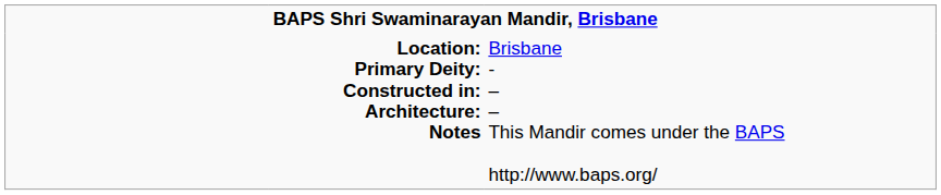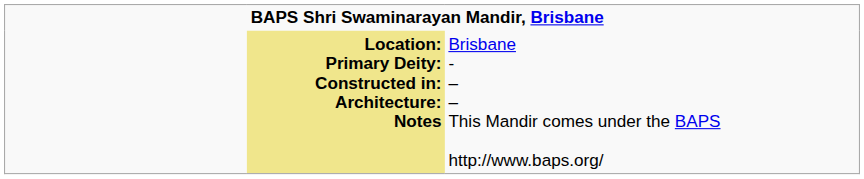 <table class="wikitable plain" border="0" width="800">
 <tr>
 <td width="220px" rowspan="2" style="border:none;"></td>
 <td valign="top" colspan=2 style="border:none;"><strong>BAPS Shri Swaminarayan Mandir, <a href='#'>Brisbane</a></strong></td>
 </tr>
 <tr>
-<td valign="top" style="text-align:right; border:none;"><strong>Location:</strong> <br><strong>Primary Deity:</strong><br><strong>Constructed in:</strong><br><strong>Architecture:</strong><br><strong>Notes</strong></td>
+<td valign="top" style="background: khaki; text-align:right; border:none;"><strong>Location:</strong> <br><strong>Primary Deity:</strong><br><strong>Constructed in:</strong><br><strong>Architecture:</strong><br><strong>Notes</strong></td>
 <td valign="top" style="border:none;"><a href='#'>Brisbane</a> <br>- <br>– <br>– <br>This Mandir comes under the <a href='#'>BAPS</a> <br><br>http://www.baps.org/</td>
 </tr>
 </table>
